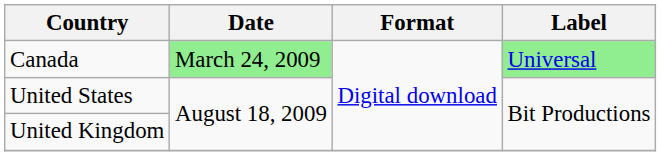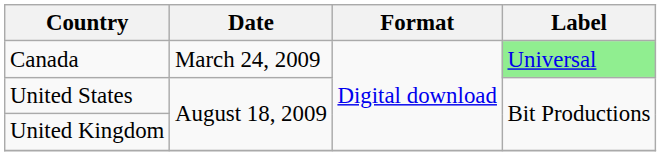 <table class="wikitable">
 <tr>
 <th>Country</th>
 <th>Date</th>
 <th>Format</th>
 <th>Label</th>
 </tr>
 <tr>
 <td>Canada</td>
-<td style="background: lightgreen;">March 24, 2009</td>
+<td>March 24, 2009</td>
 <td rowspan="3"><a href='#'>Digital download</a></td>
 <td style="background: lightgreen;"><a href='#'>Universal</a></td>
 </tr>
 <tr>
 <td>United States</td>
 <td rowspan="2">August 18, 2009</td>
 <td rowspan="2">Bit Productions</td>
 </tr>
 <tr>
 <td>United Kingdom</td>
 </tr>
 <tr>
 </tr>
 </table>
